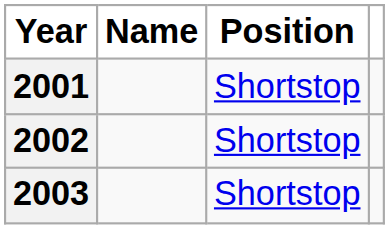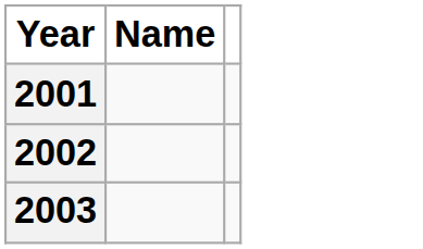 <table class="wikitable sortable plainrowheaders" style="text-align:center">
 <tr>
 <th scope="col" style="background-color:#ffffff; border-top:#">Year</th>
 <th scope="col" style="background-color:#ffffff; border-top:#">Name</th>
-<th scope="col" style="background-color:#ffffff; border-top:#">Position</th>
 <th scope="col" class="unsortable" style="background-color:#ffffff; border-top:#"></th>
 </tr>
 <tr>
 <th scope="row" style="text-align:center">2001</th>
 <td> </td>
-<td><a href='#'>Shortstop</a></td>
 <td></td>
 </tr>
 <tr>
 <th scope="row" style="text-align:center">2002</th>
 <td> </td>
-<td><a href='#'>Shortstop</a></td>
 <td></td>
 </tr>
 <tr>
 <th scope="row" style="text-align:center">2003</th>
 <td> </td>
-<td><a href='#'>Shortstop</a></td>
 <td></td>
 </tr>
 </table>
